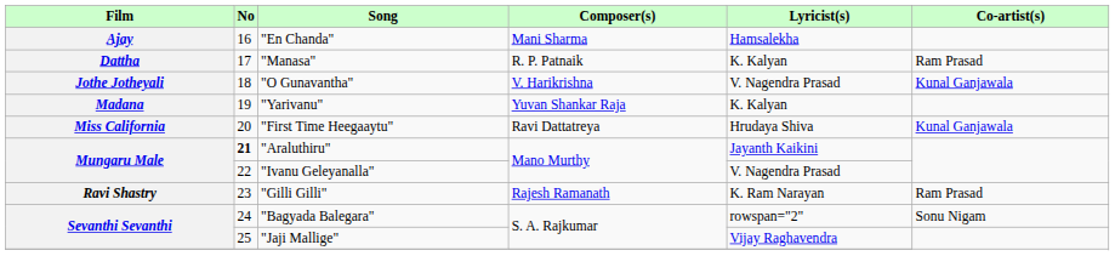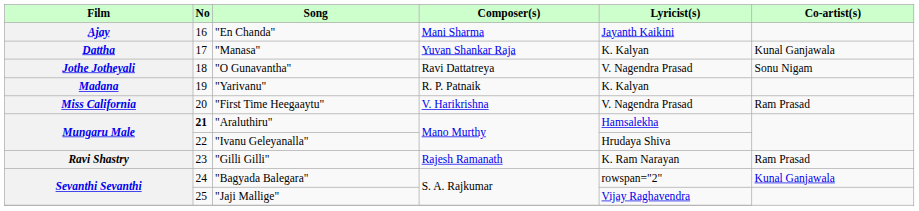 <table class="wikitable plainrowheaders" width="100%" textcolor:#000;">
 <tr style="background:#cfc; text-align:center;">
 <td scope="col" width=21%><strong>Film</strong></td>
 <td><strong>No</strong></td>
 <td scope="col" width=23%><strong>Song</strong></td>
 <td scope="col" width=20%><strong>Composer(s)</strong></td>
 <td scope="col" width=17%><strong>Lyricist(s)</strong></td>
 <td scope="col" width=18%><strong>Co-artist(s)</strong></td>
 </tr>
 <tr>
 <th><em><a href='#'>Ajay</a></em></th>
 <td>16</td>
 <td>"En Chanda"</td>
 <td><a href='#'>Mani Sharma</a></td>
-<td><a href='#'>Hamsalekha</a></td>
+<td><a href='#'>Jayanth Kaikini</a></td>
 <td></td>
 </tr>
 <tr>
 <th><em><a href='#'>Dattha</a></em></th>
 <td>17</td>
 <td>"Manasa"</td>
-<td>R. P. Patnaik</td>
+<td><a href='#'>Yuvan Shankar Raja</a></td>
 <td>K. Kalyan</td>
-<td>Ram Prasad</td>
+<td>Kunal Ganjawala</td>
 </tr>
 <tr>
 <th><em><a href='#'>Jothe Jotheyali</a></em></th>
 <td>18</td>
 <td>"O Gunavantha"</td>
-<td><a href='#'>V. Harikrishna</a></td>
+<td>Ravi Dattatreya</td>
 <td>V. Nagendra Prasad</td>
-<td><a href='#'>Kunal Ganjawala</a></td>
+<td>Sonu Nigam</td>
 </tr>
 <tr>
 <th><em><a href='#'>Madana</a></em></th>
 <td>19</td>
 <td>"Yarivanu"</td>
-<td><a href='#'>Yuvan Shankar Raja</a></td>
+<td>R. P. Patnaik</td>
 <td>K. Kalyan</td>
 <td></td>
 </tr>
 <tr>
 <th><em><a href='#'>Miss California</a></em></th>
 <td>20</td>
 <td>"First Time Heegaaytu"</td>
-<td>Ravi Dattatreya</td>
-<td>Hrudaya Shiva</td>
-<td><a href='#'>Kunal Ganjawala</a></td>
+<td><a href='#'>V. Harikrishna</a></td>
+<td>V. Nagendra Prasad</td>
+<td>Ram Prasad</td>
 </tr>
 <tr>
 <th rowspan="2"><em><a href='#'>Mungaru Male</a></em></th>
 <td><strong>21</strong></td>
 <td>"Araluthiru"</td>
 <td rowspan="2"><a href='#'>Mano Murthy</a></td>
-<td><a href='#'>Jayanth Kaikini</a></td>
+<td><a href='#'>Hamsalekha</a></td>
 <td rowspan="2"></td>
 </tr>
 <tr>
 <td>22</td>
 <td>"Ivanu Geleyanalla"</td>
-<td>V. Nagendra Prasad</td>
+<td>Hrudaya Shiva</td>
 </tr>
 <tr>
 <th><em>Ravi Shastry</em></th>
 <td>23</td>
 <td>"Gilli Gilli"</td>
 <td><a href='#'>Rajesh Ramanath</a></td>
 <td>K. Ram Narayan</td>
 <td>Ram Prasad</td>
 </tr>
 <tr>
 <th rowspan="2"><em><a href='#'>Sevanthi Sevanthi</a></em></th>
 <td>24</td>
 <td>"Bagyada Balegara"</td>
 <td rowspan="2">S. A. Rajkumar</td>
 <td>rowspan="2" </td>
-<td>Sonu Nigam</td>
+<td><a href='#'>Kunal Ganjawala</a></td>
 </tr>
 <tr>
 <td>25</td>
 <td>"Jaji Mallige"</td>
 <td><a href='#'>Vijay Raghavendra</a></td>
 </tr>
 <tr>
 </tr>
 </table>
